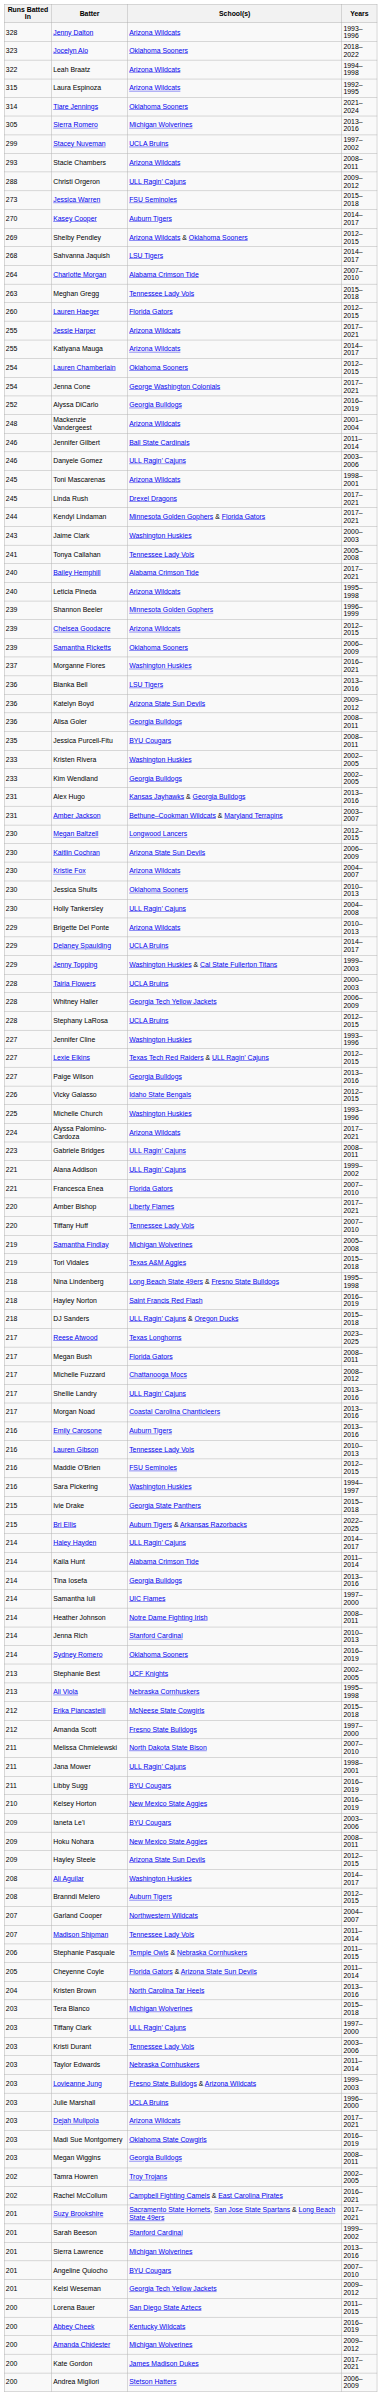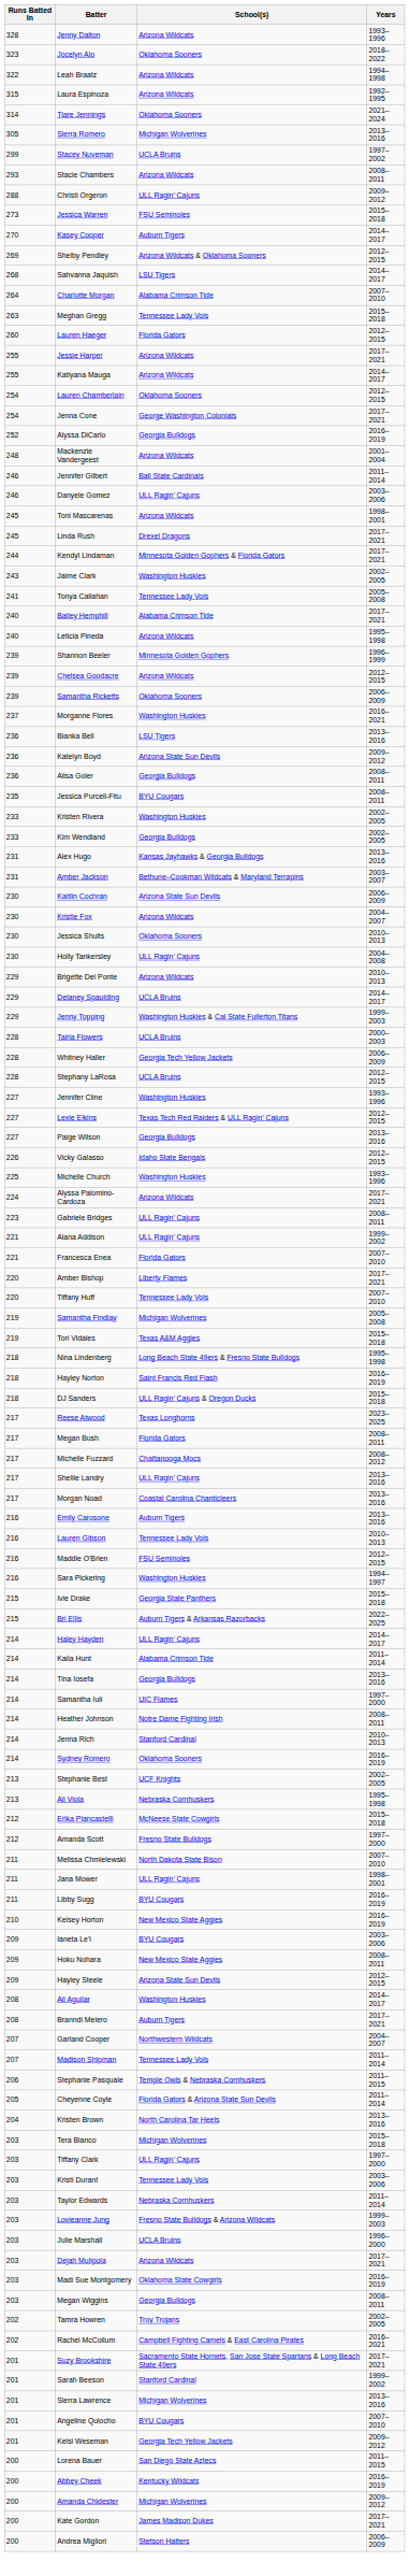 <table class="sortable wikitable">
 <tr>
 <th>Runs Batted In</th>
 <th>Batter</th>
 <th>School(s)</th>
 <th>Years</th>
 </tr>
 <tr>
 <td>328</td>
 <td><a href='#'>Jenny Dalton</a></td>
 <td><a href='#'>Arizona Wildcats</a></td>
 <td>1993–1996</td>
 </tr>
 <tr>
 <td>323</td>
 <td><a href='#'>Jocelyn Alo</a></td>
 <td><a href='#'>Oklahoma Sooners</a></td>
 <td>2018–2022</td>
 </tr>
 <tr>
 <td>322</td>
 <td>Leah Braatz</td>
 <td><a href='#'>Arizona Wildcats</a></td>
 <td>1994–1998</td>
 </tr>
 <tr>
 <td>315</td>
 <td>Laura Espinoza</td>
 <td><a href='#'>Arizona Wildcats</a></td>
 <td>1992–1995</td>
 </tr>
 <tr>
 <td>314</td>
 <td><a href='#'>Tiare Jennings</a></td>
 <td><a href='#'>Oklahoma Sooners</a></td>
 <td>2021–2024</td>
 </tr>
 <tr>
 <td>305</td>
 <td><a href='#'>Sierra Romero</a></td>
 <td><a href='#'>Michigan Wolverines</a></td>
 <td>2013–2016</td>
 </tr>
 <tr>
 <td>299</td>
 <td><a href='#'>Stacey Nuveman</a></td>
 <td><a href='#'>UCLA Bruins</a></td>
 <td>1997–2002</td>
 </tr>
 <tr>
 <td>293</td>
 <td>Stacie Chambers</td>
 <td><a href='#'>Arizona Wildcats</a></td>
 <td>2008–2011</td>
 </tr>
 <tr>
 <td>288</td>
 <td>Christi Orgeron</td>
 <td><a href='#'>ULL Ragin’ Cajuns</a></td>
 <td>2009–2012</td>
 </tr>
 <tr>
 <td>273</td>
 <td><a href='#'>Jessica Warren</a></td>
 <td><a href='#'>FSU Seminoles</a></td>
 <td>2015–2018</td>
 </tr>
 <tr>
 <td>270</td>
 <td><a href='#'>Kasey Cooper</a></td>
 <td><a href='#'>Auburn Tigers</a></td>
 <td>2014–2017</td>
 </tr>
 <tr>
 <td>269</td>
 <td>Shelby Pendley</td>
 <td><a href='#'>Arizona Wildcats</a> & <a href='#'>Oklahoma Sooners</a></td>
 <td>2012–2015</td>
 </tr>
 <tr>
 <td>268</td>
 <td>Sahvanna Jaquish</td>
 <td><a href='#'>LSU Tigers</a></td>
 <td>2014–2017</td>
 </tr>
 <tr>
 <td>264</td>
 <td><a href='#'>Charlotte Morgan</a></td>
 <td><a href='#'>Alabama Crimson Tide</a></td>
 <td>2007–2010</td>
 </tr>
 <tr>
 <td>263</td>
 <td>Meghan Gregg</td>
 <td><a href='#'>Tennessee Lady Vols</a></td>
 <td>2015–2018</td>
 </tr>
 <tr>
 <td>260</td>
 <td><a href='#'>Lauren Haeger</a></td>
 <td><a href='#'>Florida Gators</a></td>
 <td>2012–2015</td>
 </tr>
 <tr>
 <td>255</td>
 <td><a href='#'>Jessie Harper</a></td>
 <td><a href='#'>Arizona Wildcats</a></td>
 <td>2017–2021</td>
 </tr>
 <tr>
 <td>255</td>
 <td>Katiyana Mauga</td>
 <td><a href='#'>Arizona Wildcats</a></td>
 <td>2014–2017</td>
 </tr>
 <tr>
 <td>254</td>
 <td><a href='#'>Lauren Chamberlain</a></td>
 <td><a href='#'>Oklahoma Sooners</a></td>
 <td>2012–2015</td>
 </tr>
 <tr>
 <td>254</td>
 <td>Jenna Cone</td>
 <td><a href='#'>George Washington Colonials</a></td>
 <td>2017–2021</td>
 </tr>
 <tr>
 <td>252</td>
 <td>Alyssa DiCarlo</td>
 <td><a href='#'>Georgia Bulldogs</a></td>
 <td>2016–2019</td>
 </tr>
 <tr>
 <td>248</td>
 <td>Mackenzie Vandergeest</td>
 <td><a href='#'>Arizona Wildcats</a></td>
 <td>2001–2004</td>
 </tr>
 <tr>
 <td>246</td>
 <td>Jennifer Gilbert</td>
 <td><a href='#'>Ball State Cardinals</a></td>
 <td>2011–2014</td>
 </tr>
 <tr>
 <td>246</td>
 <td>Danyele Gomez</td>
 <td><a href='#'>ULL Ragin’ Cajuns</a></td>
 <td>2003–2006</td>
 </tr>
 <tr>
 <td>245</td>
 <td>Toni Mascarenas</td>
 <td><a href='#'>Arizona Wildcats</a></td>
 <td>1998–2001</td>
 </tr>
 <tr>
 <td>245</td>
 <td>Linda Rush</td>
 <td><a href='#'>Drexel Dragons</a></td>
 <td>2017–2021</td>
 </tr>
 <tr>
 <td>244</td>
 <td>Kendyl Lindaman</td>
 <td><a href='#'>Minnesota Golden Gophers</a> & <a href='#'>Florida Gators</a></td>
 <td>2017–2021</td>
 </tr>
 <tr>
 <td>243</td>
 <td>Jaime Clark</td>
 <td><a href='#'>Washington Huskies</a></td>
-<td>2000–2003</td>
+<td>2002–2005</td>
 </tr>
 <tr>
 <td>241</td>
 <td>Tonya Callahan</td>
 <td><a href='#'>Tennessee Lady Vols</a></td>
 <td>2005–2008</td>
 </tr>
 <tr>
 <td>240</td>
 <td><a href='#'>Bailey Hemphill</a></td>
 <td><a href='#'>Alabama Crimson Tide</a></td>
 <td>2017–2021</td>
 </tr>
 <tr>
 <td>240</td>
 <td>Leticia Pineda</td>
 <td><a href='#'>Arizona Wildcats</a></td>
 <td>1995–1998</td>
 </tr>
 <tr>
 <td>239</td>
 <td>Shannon Beeler</td>
 <td><a href='#'>Minnesota Golden Gophers</a></td>
 <td>1996–1999</td>
 </tr>
 <tr>
 <td>239</td>
 <td><a href='#'>Chelsea Goodacre</a></td>
 <td><a href='#'>Arizona Wildcats</a></td>
 <td>2012–2015</td>
 </tr>
 <tr>
 <td>239</td>
 <td><a href='#'>Samantha Ricketts</a></td>
 <td><a href='#'>Oklahoma Sooners</a></td>
 <td>2006–2009</td>
 </tr>
 <tr>
 <td>237</td>
 <td>Morganne Flores</td>
 <td><a href='#'>Washington Huskies</a></td>
 <td>2016–2021</td>
 </tr>
 <tr>
 <td>236</td>
 <td>Bianka Bell</td>
 <td><a href='#'>LSU Tigers</a></td>
 <td>2013–2016</td>
 </tr>
 <tr>
 <td>236</td>
 <td>Katelyn Boyd</td>
 <td><a href='#'>Arizona State Sun Devils</a></td>
 <td>2009–2012</td>
 </tr>
 <tr>
 <td>236</td>
 <td>Alisa Goler</td>
 <td><a href='#'>Georgia Bulldogs</a></td>
 <td>2008–2011</td>
 </tr>
 <tr>
 <td>235</td>
 <td>Jessica Purcell-Fitu</td>
 <td><a href='#'>BYU Cougars</a></td>
 <td>2008–2011</td>
 </tr>
 <tr>
 <td>233</td>
 <td>Kristen Rivera</td>
 <td><a href='#'>Washington Huskies</a></td>
 <td>2002–2005</td>
 </tr>
 <tr>
 <td>233</td>
 <td>Kim Wendland</td>
 <td><a href='#'>Georgia Bulldogs</a></td>
 <td>2002–2005</td>
 </tr>
 <tr>
 <td>231</td>
 <td>Alex Hugo</td>
 <td><a href='#'>Kansas Jayhawks</a> & <a href='#'>Georgia Bulldogs</a></td>
 <td>2013–2016</td>
 </tr>
 <tr>
 <td>231</td>
 <td><a href='#'>Amber Jackson</a></td>
 <td><a href='#'>Bethune–Cookman Wildcats</a> & <a href='#'>Maryland Terrapins</a></td>
 <td>2003–2007</td>
-</tr>
-<tr>
-<td>230</td>
-<td><a href='#'>Megan Baltzell</a></td>
-<td><a href='#'>Longwood Lancers</a></td>
-<td>2012–2015</td>
 </tr>
 <tr>
 <td>230</td>
 <td><a href='#'>Kaitlin Cochran</a></td>
 <td><a href='#'>Arizona State Sun Devils</a></td>
 <td>2006–2009</td>
 </tr>
 <tr>
 <td>230</td>
 <td><a href='#'>Kristie Fox</a></td>
 <td><a href='#'>Arizona Wildcats</a></td>
 <td>2004–2007</td>
 </tr>
 <tr>
 <td>230</td>
 <td>Jessica Shults</td>
 <td><a href='#'>Oklahoma Sooners</a></td>
 <td>2010–2013</td>
 </tr>
 <tr>
 <td>230</td>
 <td>Holly Tankersley</td>
 <td><a href='#'>ULL Ragin’ Cajuns</a></td>
 <td>2004–2008</td>
 </tr>
 <tr>
 <td>229</td>
 <td>Brigette Del Ponte</td>
 <td><a href='#'>Arizona Wildcats</a></td>
 <td>2010–2013</td>
 </tr>
 <tr>
 <td>229</td>
 <td><a href='#'>Delaney Spaulding</a></td>
 <td><a href='#'>UCLA Bruins</a></td>
 <td>2014–2017</td>
 </tr>
 <tr>
 <td>229</td>
 <td><a href='#'>Jenny Topping</a></td>
 <td><a href='#'>Washington Huskies</a> & <a href='#'>Cal State Fullerton Titans</a></td>
 <td>1999–2003</td>
 </tr>
 <tr>
 <td>228</td>
 <td><a href='#'>Tairia Flowers</a></td>
 <td><a href='#'>UCLA Bruins</a></td>
 <td>2000–2003</td>
 </tr>
 <tr>
 <td>228</td>
 <td>Whitney Haller</td>
 <td><a href='#'>Georgia Tech Yellow Jackets</a></td>
 <td>2006–2009</td>
 </tr>
 <tr>
 <td>228</td>
 <td>Stephany LaRosa</td>
 <td><a href='#'>UCLA Bruins</a></td>
 <td>2012–2015</td>
 </tr>
 <tr>
 <td>227</td>
 <td>Jennifer Cline</td>
 <td><a href='#'>Washington Huskies</a></td>
 <td>1993–1996</td>
 </tr>
 <tr>
 <td>227</td>
 <td><a href='#'>Lexie Elkins</a></td>
 <td><a href='#'>Texas Tech Red Raiders</a> & <a href='#'>ULL Ragin’ Cajuns</a></td>
 <td>2012–2015</td>
 </tr>
 <tr>
 <td>227</td>
 <td>Paige Wilson</td>
 <td><a href='#'>Georgia Bulldogs</a></td>
 <td>2013–2016</td>
 </tr>
 <tr>
 <td>226</td>
 <td>Vicky Galasso</td>
 <td><a href='#'>Idaho State Bengals</a></td>
 <td>2012–2015</td>
 </tr>
 <tr>
 <td>225</td>
 <td>Michelle Church</td>
 <td><a href='#'>Washington Huskies</a></td>
 <td>1993–1996</td>
 </tr>
 <tr>
 <td>224</td>
 <td>Alyssa Palomino-Cardoza</td>
 <td><a href='#'>Arizona Wildcats</a></td>
 <td>2017–2021</td>
 </tr>
 <tr>
 <td>223</td>
 <td>Gabriele Bridges</td>
 <td><a href='#'>ULL Ragin’ Cajuns</a></td>
 <td>2008–2011</td>
 </tr>
 <tr>
 <td>221</td>
 <td>Alana Addison</td>
 <td><a href='#'>ULL Ragin’ Cajuns</a></td>
 <td>1999–2002</td>
 </tr>
 <tr>
 <td>221</td>
 <td>Francesca Enea</td>
 <td><a href='#'>Florida Gators</a></td>
 <td>2007–2010</td>
 </tr>
 <tr>
 <td>220</td>
 <td>Amber Bishop</td>
 <td><a href='#'>Liberty Flames</a></td>
 <td>2017–2021</td>
 </tr>
 <tr>
 <td>220</td>
 <td>Tiffany Huff</td>
 <td><a href='#'>Tennessee Lady Vols</a></td>
 <td>2007–2010</td>
 </tr>
 <tr>
 <td>219</td>
 <td><a href='#'>Samantha Findlay</a></td>
 <td><a href='#'>Michigan Wolverines</a></td>
 <td>2005–2008</td>
 </tr>
 <tr>
 <td>219</td>
 <td>Tori Vidales</td>
 <td><a href='#'>Texas A&M Aggies</a></td>
 <td>2015–2018</td>
 </tr>
 <tr>
 <td>218</td>
 <td>Nina Lindenberg</td>
 <td><a href='#'>Long Beach State 49ers</a> & <a href='#'>Fresno State Bulldogs</a></td>
 <td>1995–1998</td>
 </tr>
 <tr>
 <td>218</td>
 <td>Hayley Norton</td>
 <td><a href='#'>Saint Francis Red Flash</a></td>
 <td>2016–2019</td>
 </tr>
 <tr>
 <td>218</td>
 <td>DJ Sanders</td>
 <td><a href='#'>ULL Ragin’ Cajuns</a> & <a href='#'>Oregon Ducks</a></td>
 <td>2015–2018</td>
 </tr>
 <tr>
 <td>217</td>
 <td><a href='#'>Reese Atwood</a></td>
 <td><a href='#'>Texas Longhorns</a></td>
 <td>2023–2025</td>
 </tr>
 <tr>
 <td>217</td>
 <td>Megan Bush</td>
 <td><a href='#'>Florida Gators</a></td>
 <td>2008–2011</td>
 </tr>
 <tr>
 <td>217</td>
 <td>Michelle Fuzzard</td>
 <td><a href='#'>Chattanooga Mocs</a></td>
 <td>2008–2012</td>
 </tr>
 <tr>
 <td>217</td>
 <td>Shellie Landry</td>
 <td><a href='#'>ULL Ragin’ Cajuns</a></td>
 <td>2013–2016</td>
 </tr>
 <tr>
 <td>217</td>
 <td>Morgan Noad</td>
 <td><a href='#'>Coastal Carolina Chanticleers</a></td>
 <td>2013–2016</td>
 </tr>
 <tr>
 <td>216</td>
 <td><a href='#'>Emily Carosone</a></td>
 <td><a href='#'>Auburn Tigers</a></td>
 <td>2013–2016</td>
 </tr>
 <tr>
 <td>216</td>
 <td><a href='#'>Lauren Gibson</a></td>
 <td><a href='#'>Tennessee Lady Vols</a></td>
 <td>2010–2013</td>
 </tr>
 <tr>
 <td>216</td>
 <td>Maddie O'Brien</td>
 <td><a href='#'>FSU Seminoles</a></td>
 <td>2012–2015</td>
 </tr>
 <tr>
 <td>216</td>
 <td>Sara Pickering</td>
 <td><a href='#'>Washington Huskies</a></td>
 <td>1994–1997</td>
 </tr>
 <tr>
 <td>215</td>
 <td>Ivie Drake</td>
 <td><a href='#'>Georgia State Panthers</a></td>
 <td>2015–2018</td>
 </tr>
 <tr>
 <td>215</td>
 <td><a href='#'>Bri Ellis</a></td>
 <td><a href='#'>Auburn Tigers</a> & <a href='#'>Arkansas Razorbacks</a></td>
 <td>2022–2025</td>
 </tr>
 <tr>
 <td>214</td>
 <td><a href='#'>Haley Hayden</a></td>
 <td><a href='#'>ULL Ragin’ Cajuns</a></td>
 <td>2014–2017</td>
 </tr>
 <tr>
 <td>214</td>
 <td>Kaila Hunt</td>
 <td><a href='#'>Alabama Crimson Tide</a></td>
 <td>2011–2014</td>
 </tr>
 <tr>
 <td>214</td>
 <td>Tina Iosefa</td>
 <td><a href='#'>Georgia Bulldogs</a></td>
 <td>2013–2016</td>
 </tr>
 <tr>
 <td>214</td>
 <td>Samantha Iuli</td>
 <td><a href='#'>UIC Flames</a></td>
 <td>1997–2000</td>
 </tr>
 <tr>
 <td>214</td>
 <td>Heather Johnson</td>
 <td><a href='#'>Notre Dame Fighting Irish</a></td>
 <td>2008–2011</td>
 </tr>
 <tr>
 <td>214</td>
 <td>Jenna Rich</td>
 <td><a href='#'>Stanford Cardinal</a></td>
 <td>2010–2013</td>
 </tr>
 <tr>
 <td>214</td>
 <td><a href='#'>Sydney Romero</a></td>
 <td><a href='#'>Oklahoma Sooners</a></td>
 <td>2016–2019</td>
 </tr>
 <tr>
 <td>213</td>
 <td>Stephanie Best</td>
 <td><a href='#'>UCF Knights</a></td>
 <td>2002–2005</td>
 </tr>
 <tr>
 <td>213</td>
 <td><a href='#'>Ali Viola</a></td>
 <td><a href='#'>Nebraska Cornhuskers</a></td>
 <td>1995–1998</td>
 </tr>
 <tr>
 <td>212</td>
 <td><a href='#'>Erika Piancastelli</a></td>
 <td><a href='#'>McNeese State Cowgirls</a></td>
 <td>2015–2018</td>
 </tr>
 <tr>
 <td>212</td>
 <td>Amanda Scott</td>
 <td><a href='#'>Fresno State Bulldogs</a></td>
 <td>1997–2000</td>
 </tr>
 <tr>
 <td>211</td>
 <td>Melissa Chmielewski</td>
 <td><a href='#'>North Dakota State Bison</a></td>
 <td>2007–2010</td>
 </tr>
 <tr>
 <td>211</td>
 <td>Jana Mower</td>
 <td><a href='#'>ULL Ragin’ Cajuns</a></td>
 <td>1998–2001</td>
 </tr>
 <tr>
 <td>211</td>
 <td>Libby Sugg</td>
 <td><a href='#'>BYU Cougars</a></td>
 <td>2016–2019</td>
 </tr>
 <tr>
 <td>210</td>
 <td>Kelsey Horton</td>
 <td><a href='#'>New Mexico State Aggies</a></td>
 <td>2016–2019</td>
 </tr>
 <tr>
 <td>209</td>
 <td>Ianeta Le'i</td>
 <td><a href='#'>BYU Cougars</a></td>
 <td>2003–2006</td>
 </tr>
 <tr>
 <td>209</td>
 <td>Hoku Nohara</td>
 <td><a href='#'>New Mexico State Aggies</a></td>
 <td>2008–2011</td>
 </tr>
 <tr>
 <td>209</td>
 <td>Hayley Steele</td>
 <td><a href='#'>Arizona State Sun Devils</a></td>
 <td>2012–2015</td>
 </tr>
 <tr>
 <td>208</td>
 <td><a href='#'>Ali Aguilar</a></td>
 <td><a href='#'>Washington Huskies</a></td>
 <td>2014–2017</td>
 </tr>
 <tr>
 <td>208</td>
 <td>Branndi Melero</td>
 <td><a href='#'>Auburn Tigers</a></td>
-<td>2012–2015</td>
+<td>2017–2021</td>
 </tr>
 <tr>
 <td>207</td>
 <td>Garland Cooper</td>
 <td><a href='#'>Northwestern Wildcats</a></td>
 <td>2004–2007</td>
 </tr>
 <tr>
 <td>207</td>
 <td><a href='#'>Madison Shipman</a></td>
 <td><a href='#'>Tennessee Lady Vols</a></td>
 <td>2011–2014</td>
 </tr>
 <tr>
 <td>206</td>
 <td>Stephanie Pasquale</td>
 <td><a href='#'>Temple Owls</a> & <a href='#'>Nebraska Cornhuskers</a></td>
 <td>2011–2015</td>
 </tr>
 <tr>
 <td>205</td>
 <td>Cheyenne Coyle</td>
 <td><a href='#'>Florida Gators</a> & <a href='#'>Arizona State Sun Devils</a></td>
 <td>2011–2014</td>
 </tr>
 <tr>
 <td>204</td>
 <td>Kristen Brown</td>
 <td><a href='#'>North Carolina Tar Heels</a></td>
 <td>2013–2016</td>
 </tr>
 <tr>
 <td>203</td>
 <td>Tera Blanco</td>
 <td><a href='#'>Michigan Wolverines</a></td>
 <td>2015–2018</td>
 </tr>
 <tr>
 <td>203</td>
 <td>Tiffany Clark</td>
 <td><a href='#'>ULL Ragin’ Cajuns</a></td>
 <td>1997–2000</td>
 </tr>
 <tr>
 <td>203</td>
 <td>Kristi Durant</td>
 <td><a href='#'>Tennessee Lady Vols</a></td>
 <td>2003–2006</td>
 </tr>
 <tr>
 <td>203</td>
 <td>Taylor Edwards</td>
 <td><a href='#'>Nebraska Cornhuskers</a></td>
 <td>2011–2014</td>
 </tr>
 <tr>
 <td>203</td>
 <td><a href='#'>Lovieanne Jung</a></td>
 <td><a href='#'>Fresno State Bulldogs</a> & <a href='#'>Arizona Wildcats</a></td>
 <td>1999–2003</td>
 </tr>
 <tr>
 <td>203</td>
 <td>Julie Marshall</td>
 <td><a href='#'>UCLA Bruins</a></td>
 <td>1996–2000</td>
 </tr>
 <tr>
 <td>203</td>
 <td><a href='#'>Dejah Mulipola</a></td>
 <td><a href='#'>Arizona Wildcats</a></td>
 <td>2017–2021</td>
 </tr>
 <tr>
 <td>203</td>
 <td>Madi Sue Montgomery</td>
 <td><a href='#'>Oklahoma State Cowgirls</a></td>
 <td>2016–2019</td>
 </tr>
 <tr>
 <td>203</td>
 <td>Megan Wiggins</td>
 <td><a href='#'>Georgia Bulldogs</a></td>
 <td>2008–2011</td>
 </tr>
 <tr>
 <td>202</td>
 <td>Tamra Howren</td>
 <td><a href='#'>Troy Trojans</a></td>
 <td>2002–2005</td>
 </tr>
 <tr>
 <td>202</td>
 <td>Rachel McCollum</td>
 <td><a href='#'>Campbell Fighting Camels</a> & <a href='#'>East Carolina Pirates</a></td>
 <td>2016–2021</td>
 </tr>
 <tr>
 <td>201</td>
 <td><a href='#'>Suzy Brookshire</a></td>
 <td><a href='#'>Sacramento State Hornets</a>, <a href='#'>San Jose State Spartans</a> & <a href='#'>Long Beach State 49ers</a></td>
 <td>2017–2021</td>
 </tr>
 <tr>
 <td>201</td>
 <td>Sarah Beeson</td>
 <td><a href='#'>Stanford Cardinal</a></td>
 <td>1999–2002</td>
 </tr>
 <tr>
 <td>201</td>
 <td>Sierra Lawrence</td>
 <td><a href='#'>Michigan Wolverines</a></td>
 <td>2013–2016</td>
 </tr>
 <tr>
 <td>201</td>
 <td>Angeline Quiocho</td>
 <td><a href='#'>BYU Cougars</a></td>
 <td>2007–2010</td>
 </tr>
 <tr>
 <td>201</td>
 <td>Kelsi Weseman</td>
 <td><a href='#'>Georgia Tech Yellow Jackets</a></td>
 <td>2009–2012</td>
 </tr>
 <tr>
 <td>200</td>
 <td>Lorena Bauer</td>
 <td><a href='#'>San Diego State Aztecs</a></td>
 <td>2011–2015</td>
 </tr>
 <tr>
 <td>200</td>
 <td><a href='#'>Abbey Cheek</a></td>
 <td><a href='#'>Kentucky Wildcats</a></td>
 <td>2016–2019</td>
 </tr>
 <tr>
 <td>200</td>
 <td><a href='#'>Amanda Chidester</a></td>
 <td><a href='#'>Michigan Wolverines</a></td>
 <td>2009–2012</td>
 </tr>
 <tr>
 <td>200</td>
 <td>Kate Gordon</td>
 <td><a href='#'>James Madison Dukes</a></td>
 <td>2017–2021</td>
 </tr>
 <tr>
 <td>200</td>
 <td>Andrea Migliori</td>
 <td><a href='#'>Stetson Hatters</a></td>
 <td>2006–2009</td>
 </tr>
 </table>
